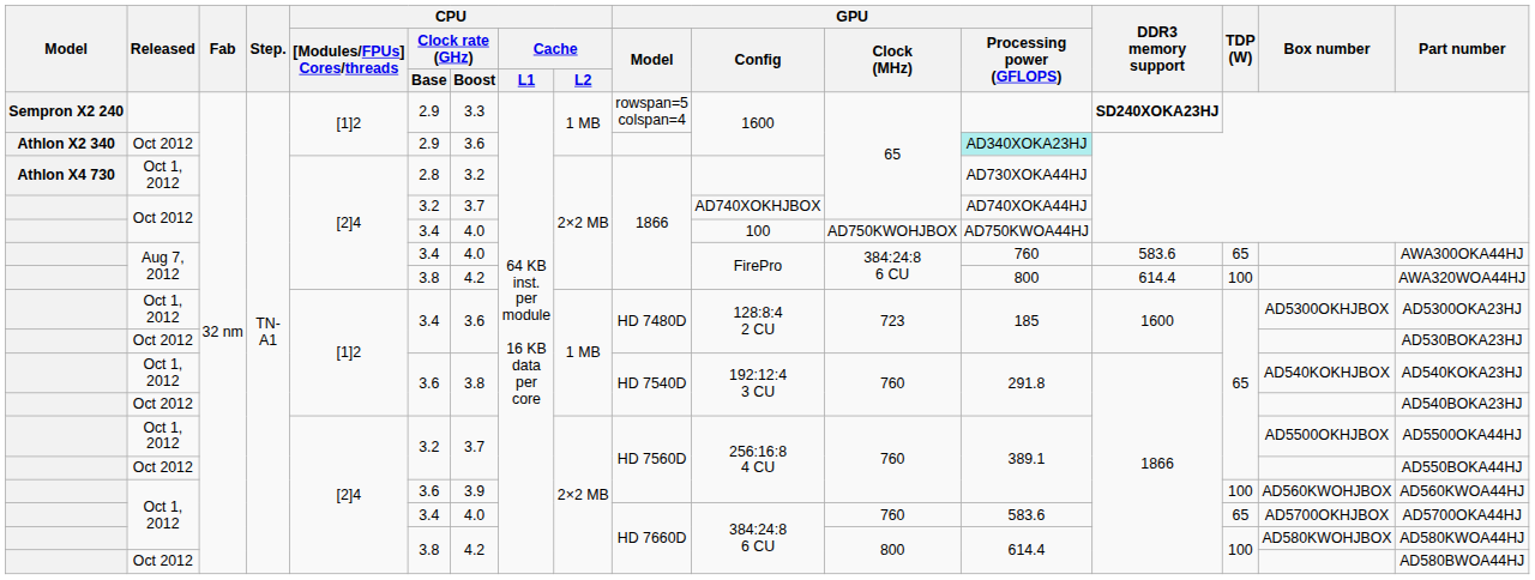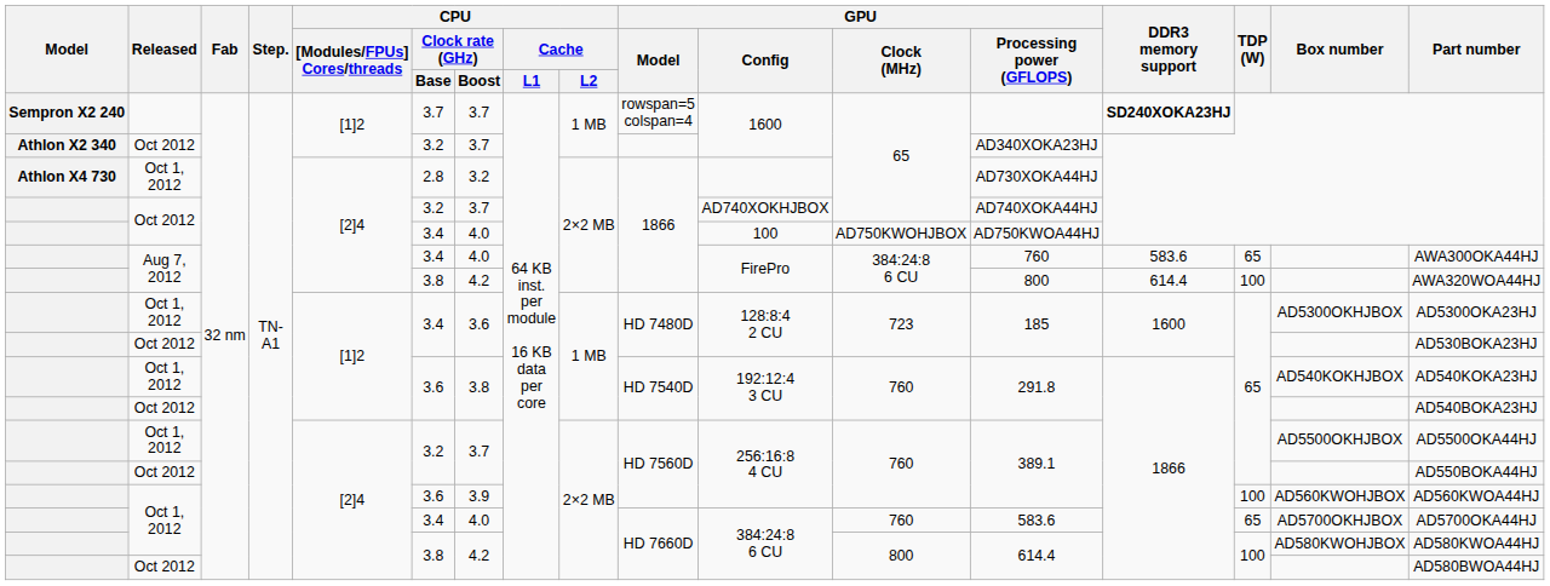 <table class="wikitable" style="text-align:center;">
 <tr>
 <th rowspan="3">Model</th>
 <th rowspan="3">Released</th>
 <th rowspan="3">Fab</th>
 <th rowspan="3">Step.</th>
 <th colspan="5">CPU</th>
 <th colspan="4">GPU</th>
 <th rowspan="3">DDR3<br>memory<br>support</th>
 <th rowspan="3">TDP<br>(W)</th>
 <th rowspan="3">Box number</th>
 <th rowspan="3">Part number</th>
 </tr>
 <tr>
 <th rowspan="2">[Modules/<a href='#'>FPUs</a>]<br><a href='#'>Cores</a>/<a href='#'>threads</a></th>
 <th colspan="2"><a href='#'>Clock rate</a> (<a href='#'>GHz</a>)</th>
 <th colspan="2"><a href='#'>Cache</a></th>
 <th rowspan="2">Model</th>
 <th rowspan="2">Config</th>
 <th rowspan="2">Clock<br>(MHz)</th>
 <th rowspan="2">Processing<br>power<br>(<a href='#'>GFLOPS</a>)</th>
 </tr>
 <tr>
 <th>Base</th>
 <th>Boost</th>
 <th><a href='#'>L1</a></th>
 <th><a href='#'>L2</a></th>
 </tr>
 <tr>
 <th>Sempron X2 240</th>
 <td></td>
 <td rowspan=17>32 nm</td>
 <td rowspan=17>TN-A1</td>
 <td rowspan=2>[1]2</td>
-<td>2.9</td>
-<td>3.3</td>
+<td>3.7</td>
+<td>3.7</td>
 <td rowspan=17>64 KB inst.<br>per module<br><br>16 KB data<br>per core</td>
 <td rowspan=2>1 MB</td>
 <td>rowspan=5 colspan=4 </td>
 <td rowspan=2>1600</td>
 <td rowspan=4>65</td>
 <td></td>
 <td><strong>SD240XOKA23HJ</strong></td>
 </tr>
 <tr>
 <th>Athlon X2 340</th>
 <td>Oct 2012</td>
-<td>2.9</td>
-<td>3.6</td>
+<td>3.2</td>
+<td>3.7</td>
 <td></td>
-<td style="background: paleturquoise;">AD340XOKA23HJ</td>
+<td>AD340XOKA23HJ</td>
 </tr>
 <tr>
 <th>Athlon X4 730</th>
 <td>Oct 1, 2012</td>
 <td rowspan=5>[2]4</td>
 <td>2.8</td>
 <td>3.2</td>
 <td rowspan=5>2×2 MB</td>
 <td rowspan=5>1866</td>
 <td></td>
 <td>AD730XOKA44HJ</td>
 </tr>
 <tr>
 <th></th>
 <td rowspan=2>Oct 2012</td>
 <td>3.2</td>
 <td>3.7</td>
 <td>AD740XOKHJBOX</td>
 <td>AD740XOKA44HJ</td>
 </tr>
 <tr>
 <th></th>
 <td>3.4</td>
 <td>4.0</td>
 <td>100</td>
 <td>AD750KWOHJBOX</td>
 <td>AD750KWOA44HJ</td>
 </tr>
 <tr>
 <th></th>
 <td rowspan=2>Aug 7, 2012</td>
 <td>3.4</td>
 <td>4.0</td>
 <td rowspan=2>FirePro</td>
 <td rowspan=2>384:24:8<br>6 CU</td>
 <td>760</td>
 <td>583.6</td>
 <td>65</td>
 <td></td>
 <td>AWA300OKA44HJ</td>
 </tr>
 <tr>
 <th></th>
 <td>3.8</td>
 <td>4.2</td>
 <td>800</td>
 <td>614.4</td>
 <td>100</td>
 <td></td>
 <td>AWA320WOA44HJ</td>
 </tr>
 <tr>
 <th></th>
 <td>Oct 1, 2012</td>
 <td rowspan=4>[1]2</td>
 <td rowspan=2>3.4</td>
 <td rowspan=2>3.6</td>
 <td rowspan=4>1 MB</td>
 <td rowspan=2>HD 7480D</td>
 <td rowspan=2>128:8:4<br>2 CU</td>
 <td rowspan=2>723</td>
 <td rowspan=2>185</td>
 <td rowspan=2>1600</td>
 <td rowspan=6>65</td>
 <td>AD5300OKHJBOX</td>
 <td>AD5300OKA23HJ</td>
 </tr>
 <tr>
 <th></th>
 <td>Oct 2012</td>
 <td></td>
 <td>AD530BOKA23HJ</td>
 </tr>
 <tr>
 <th></th>
 <td>Oct 1, 2012</td>
 <td rowspan=2>3.6</td>
 <td rowspan=2>3.8</td>
 <td rowspan=2>HD 7540D</td>
 <td rowspan=2>192:12:4<br>3 CU</td>
 <td rowspan=2>760</td>
 <td rowspan=2>291.8</td>
 <td rowspan=8>1866</td>
 <td>AD540KOKHJBOX</td>
 <td>AD540KOKA23HJ</td>
 </tr>
 <tr>
 <th></th>
 <td>Oct 2012</td>
 <td></td>
 <td>AD540BOKA23HJ</td>
 </tr>
 <tr>
 <th></th>
 <td>Oct 1, 2012</td>
 <td rowspan=6>[2]4</td>
 <td rowspan=2>3.2</td>
 <td rowspan=2>3.7</td>
 <td rowspan=6>2×2 MB</td>
 <td rowspan=3>HD 7560D</td>
 <td rowspan=3>256:16:8<br>4 CU</td>
 <td rowspan=3>760</td>
 <td rowspan=3>389.1</td>
 <td>AD5500OKHJBOX</td>
 <td>AD5500OKA44HJ</td>
 </tr>
 <tr>
 <th></th>
 <td>Oct 2012</td>
 <td></td>
 <td>AD550BOKA44HJ</td>
 </tr>
 <tr>
 <th></th>
 <td rowspan=3>Oct 1, 2012</td>
 <td>3.6</td>
 <td>3.9</td>
 <td>100</td>
 <td>AD560KWOHJBOX</td>
 <td>AD560KWOA44HJ</td>
 </tr>
 <tr>
 <th></th>
 <td>3.4</td>
 <td>4.0</td>
 <td rowspan=3>HD 7660D</td>
 <td rowspan=3>384:24:8<br>6 CU</td>
 <td>760</td>
 <td>583.6</td>
 <td>65</td>
 <td>AD5700OKHJBOX</td>
 <td>AD5700OKA44HJ</td>
 </tr>
 <tr>
 <th></th>
 <td rowspan=2>3.8</td>
 <td rowspan=2>4.2</td>
 <td rowspan=2>800</td>
 <td rowspan=2>614.4</td>
 <td rowspan=2>100</td>
 <td>AD580KWOHJBOX</td>
 <td>AD580KWOA44HJ</td>
 </tr>
 <tr>
 <th></th>
 <td>Oct 2012</td>
 <td></td>
 <td>AD580BWOA44HJ</td>
 </tr>
 </table>
